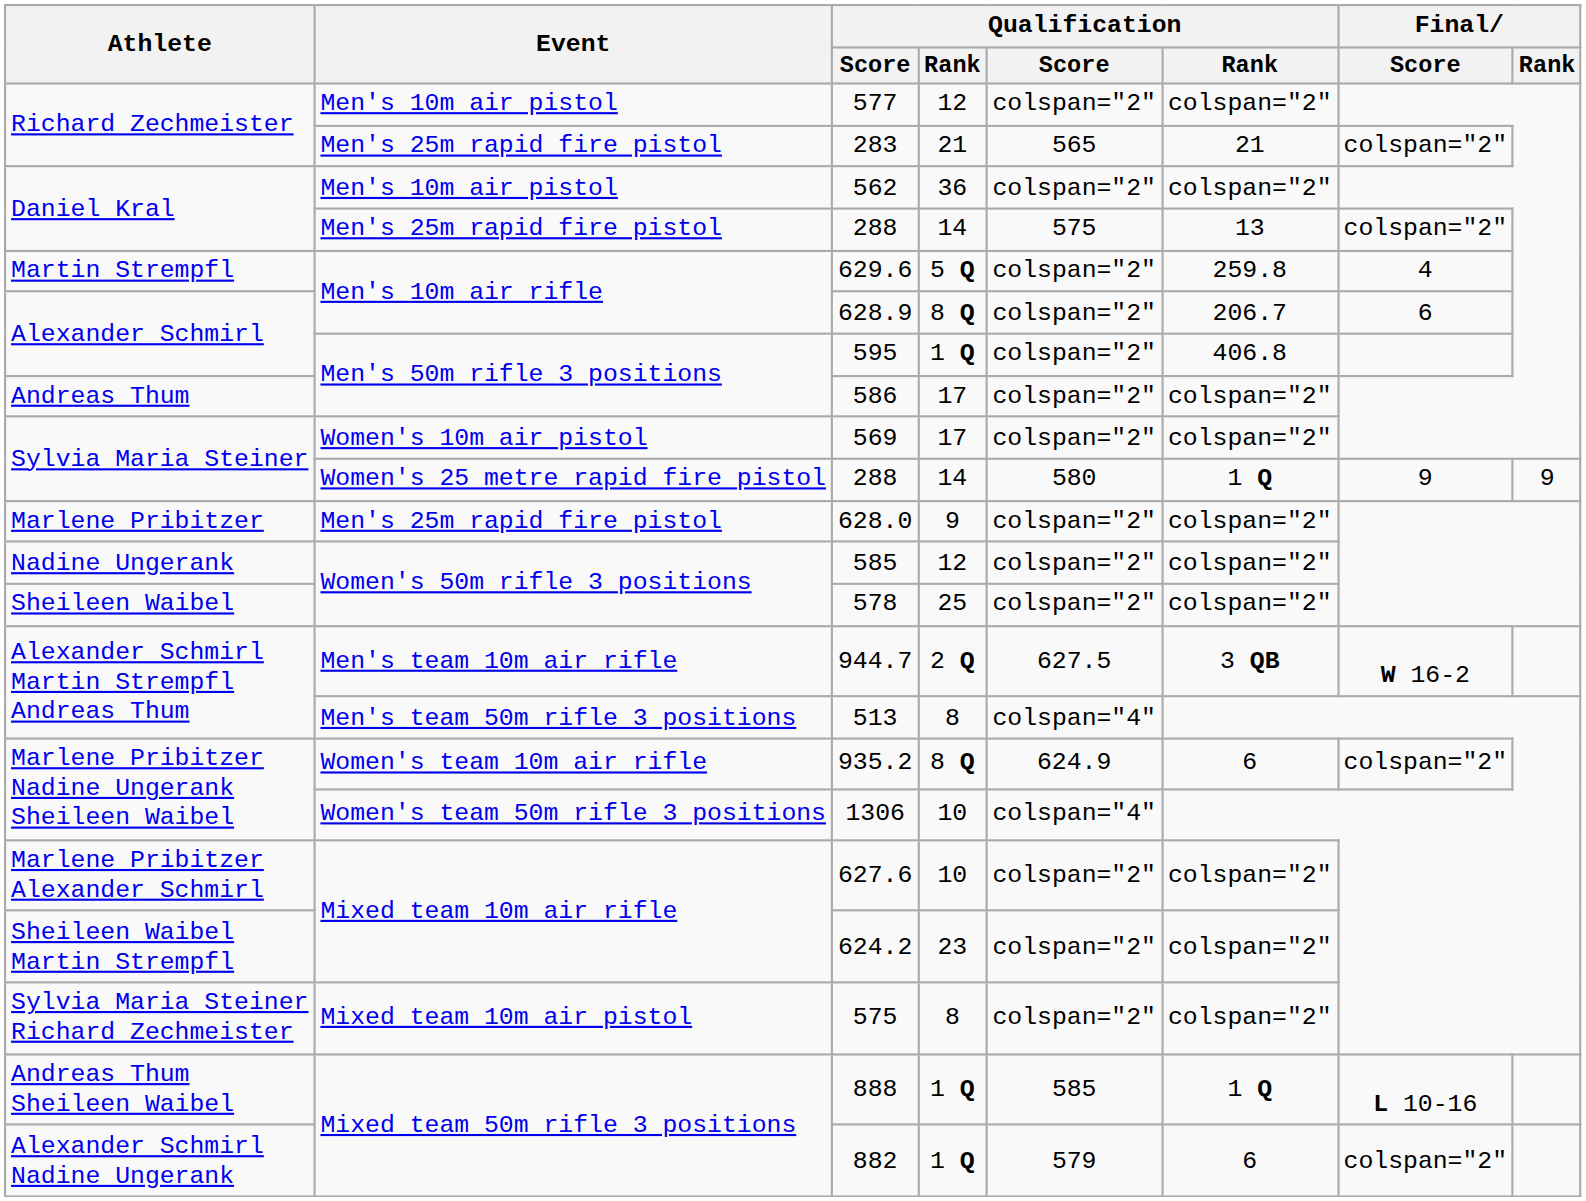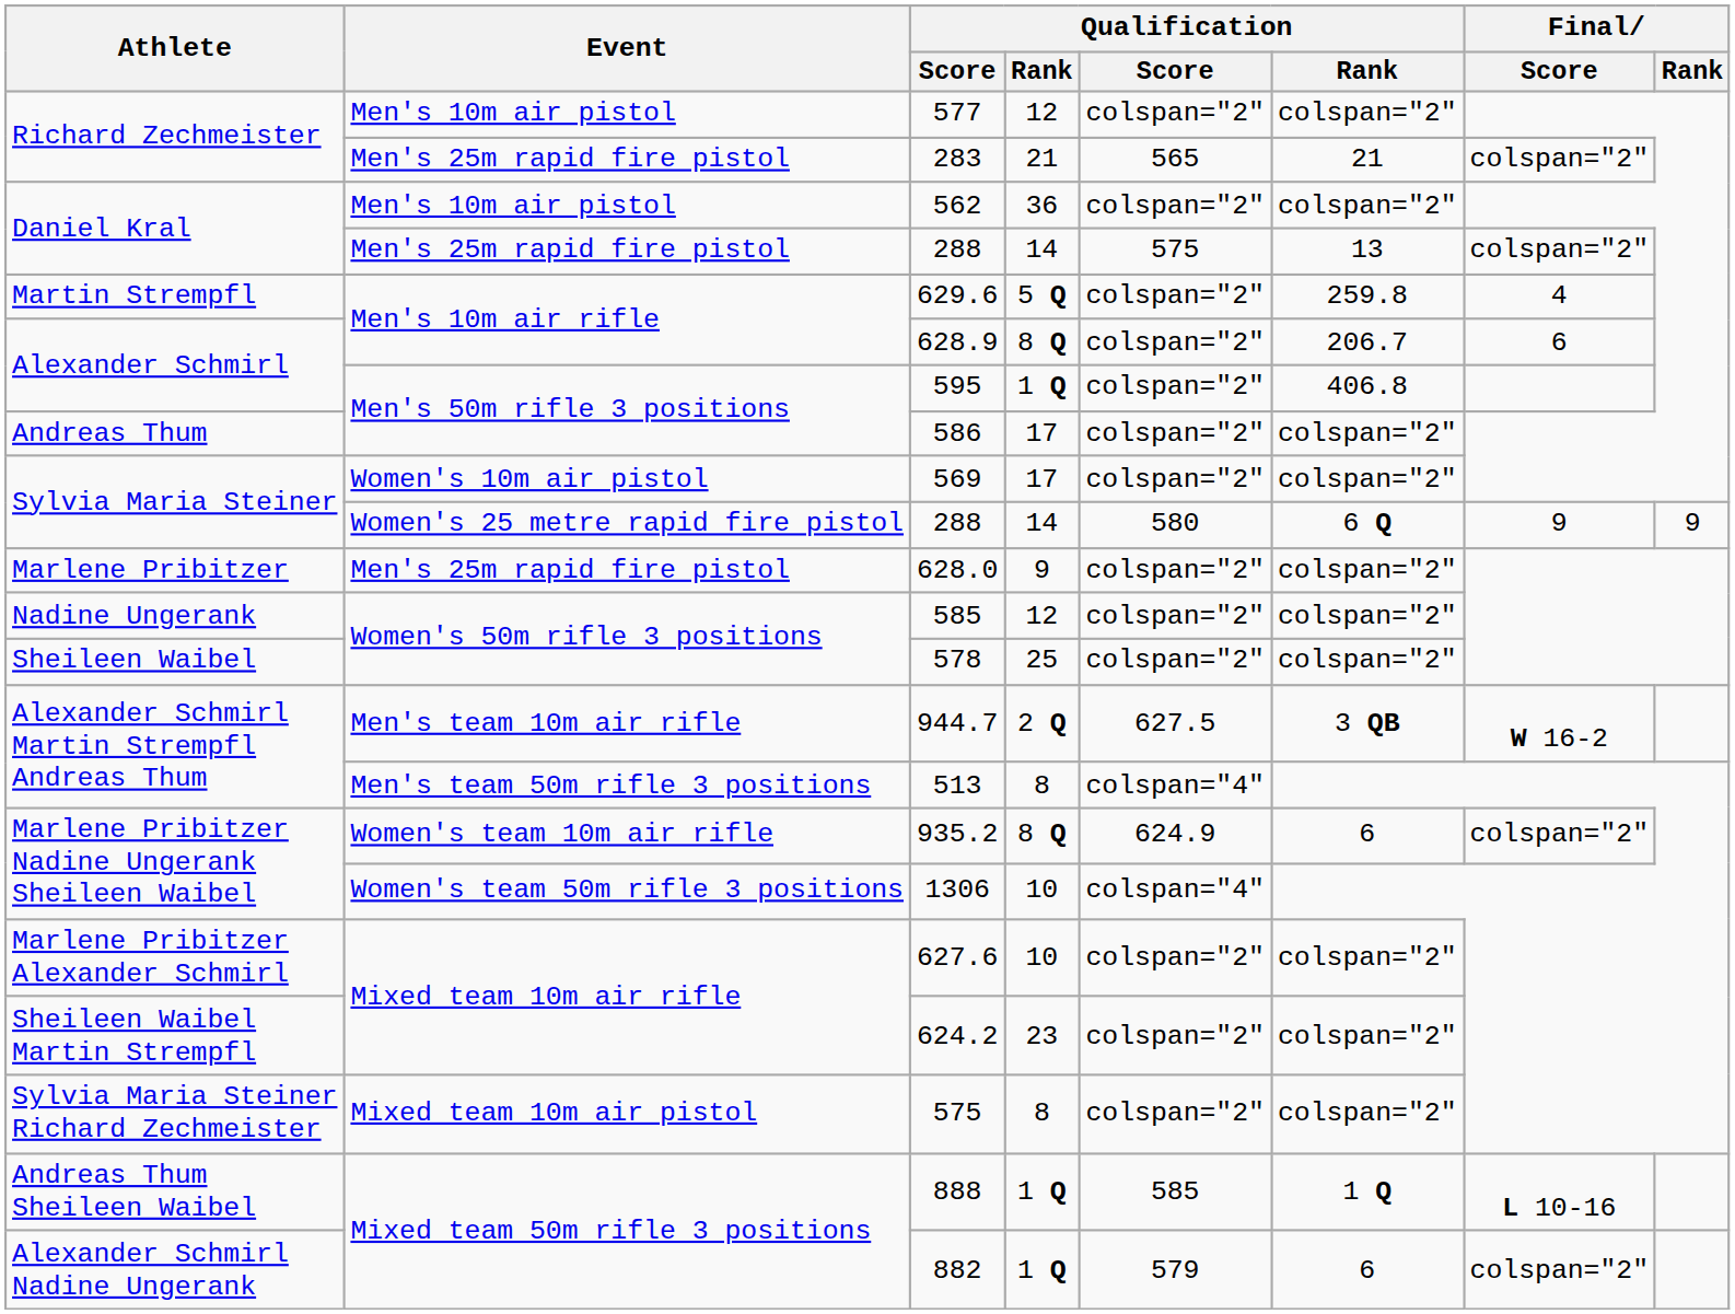 <table class="wikitable" style="text-align:center; font-size:90%">
 <tr>
 <th rowspan="2">Athlete</th>
 <th rowspan="2">Event</th>
 <th colspan="4">Qualification</th>
 <th colspan="2">Final/</th>
 </tr>
 <tr style="font-size:95%">
 <th>Score</th>
 <th>Rank</th>
 <th>Score</th>
 <th>Rank</th>
 <th>Score</th>
 <th>Rank</th>
 </tr>
 <tr>
 <td align="left" rowspan="2"><a href='#'>Richard Zechmeister</a></td>
 <td align="left"><a href='#'>Men's 10m air pistol</a></td>
 <td>577</td>
 <td>12</td>
 <td>colspan="2" </td>
 <td>colspan="2" </td>
 </tr>
 <tr>
 <td align="left"><a href='#'>Men's 25m rapid fire pistol</a></td>
 <td>283</td>
 <td>21</td>
 <td>565</td>
 <td>21</td>
 <td>colspan="2" </td>
 </tr>
 <tr>
 <td align="left" rowspan="2"><a href='#'>Daniel Kral</a></td>
 <td align="left"><a href='#'>Men's 10m air pistol</a></td>
 <td>562</td>
 <td>36</td>
 <td>colspan="2" </td>
 <td>colspan="2" </td>
 </tr>
 <tr>
 <td align="left"><a href='#'>Men's 25m rapid fire pistol</a></td>
 <td>288</td>
 <td>14</td>
 <td>575</td>
 <td>13</td>
 <td>colspan="2" </td>
 </tr>
 <tr>
 <td align="left"><a href='#'>Martin Strempfl</a></td>
 <td align="left" rowspan="2"><a href='#'>Men's 10m air rifle</a></td>
 <td>629.6</td>
 <td>5 <strong>Q</strong></td>
 <td>colspan="2" </td>
 <td>259.8</td>
 <td>4</td>
 </tr>
 <tr>
 <td align="left" rowspan="2"><a href='#'>Alexander Schmirl</a></td>
 <td>628.9</td>
 <td>8 <strong>Q</strong></td>
 <td>colspan="2" </td>
 <td>206.7</td>
 <td>6</td>
 </tr>
 <tr>
 <td align="left" rowspan="2"><a href='#'>Men's 50m rifle 3 positions</a></td>
 <td>595</td>
 <td>1 <strong>Q</strong></td>
 <td>colspan="2" </td>
 <td>406.8</td>
 <td></td>
 </tr>
 <tr>
 <td align="left"><a href='#'>Andreas Thum</a></td>
 <td>586</td>
 <td>17</td>
 <td>colspan="2" </td>
 <td>colspan="2" </td>
 </tr>
 <tr>
 <td align="left" rowspan="2"><a href='#'>Sylvia Maria Steiner</a></td>
 <td align="left"><a href='#'>Women's 10m air pistol</a></td>
 <td>569</td>
 <td>17</td>
 <td>colspan="2" </td>
 <td>colspan="2" </td>
 </tr>
 <tr>
 <td align="left"><a href='#'>Women's 25 metre rapid fire pistol</a></td>
 <td>288</td>
 <td>14</td>
 <td>580</td>
-<td>1 <strong>Q</strong></td>
+<td>6 <strong>Q</strong></td>
 <td>9</td>
 <td>9</td>
 </tr>
 <tr>
 <td align="left"><a href='#'>Marlene Pribitzer</a></td>
 <td align="left"><a href='#'>Men's 25m rapid fire pistol</a></td>
 <td>628.0</td>
 <td>9</td>
 <td>colspan="2" </td>
 <td>colspan="2" </td>
 </tr>
 <tr>
 <td align="left"><a href='#'>Nadine Ungerank</a></td>
 <td align="left" rowspan="2"><a href='#'>Women's 50m rifle 3 positions</a></td>
 <td>585</td>
 <td>12</td>
 <td>colspan="2" </td>
 <td>colspan="2" </td>
 </tr>
 <tr>
 <td align="left"><a href='#'>Sheileen Waibel</a></td>
 <td>578</td>
 <td>25</td>
 <td>colspan="2" </td>
 <td>colspan="2" </td>
 </tr>
 <tr>
 <td align="left" rowspan="2"><a href='#'>Alexander Schmirl</a><br><a href='#'>Martin Strempfl</a><br><a href='#'>Andreas Thum</a></td>
 <td align="left"><a href='#'>Men's team 10m air rifle</a></td>
 <td>944.7</td>
 <td>2 <strong>Q</strong></td>
 <td>627.5</td>
 <td>3 <strong>QB</strong></td>
 <td><br><strong>W</strong> 16-2</td>
 <td></td>
 </tr>
 <tr>
 <td align="left"><a href='#'>Men's team 50m rifle 3 positions</a></td>
 <td>513</td>
 <td>8</td>
 <td>colspan="4" </td>
 </tr>
 <tr>
 <td align="left" rowspan="2"><a href='#'>Marlene Pribitzer</a><br><a href='#'>Nadine Ungerank</a><br><a href='#'>Sheileen Waibel</a></td>
 <td align="left"><a href='#'>Women's team 10m air rifle</a></td>
 <td>935.2</td>
 <td>8 <strong>Q</strong></td>
 <td>624.9</td>
 <td>6</td>
 <td>colspan="2" </td>
 </tr>
 <tr>
 <td align="left"><a href='#'>Women's team 50m rifle 3 positions</a></td>
 <td>1306</td>
 <td>10</td>
 <td>colspan="4" </td>
 </tr>
 <tr>
 <td align="left"><a href='#'>Marlene Pribitzer</a><br><a href='#'>Alexander Schmirl</a></td>
 <td align="left" rowspan="2"><a href='#'>Mixed team 10m air rifle</a></td>
 <td>627.6</td>
 <td>10</td>
 <td>colspan="2" </td>
 <td>colspan="2" </td>
 </tr>
 <tr>
 <td align="left"><a href='#'>Sheileen Waibel</a><br><a href='#'>Martin Strempfl</a></td>
 <td>624.2</td>
 <td>23</td>
 <td>colspan="2" </td>
 <td>colspan="2" </td>
 </tr>
 <tr>
 <td align="left"><a href='#'>Sylvia Maria Steiner</a><br><a href='#'>Richard Zechmeister</a></td>
 <td align="left"><a href='#'>Mixed team 10m air pistol</a></td>
 <td>575</td>
 <td>8</td>
 <td>colspan="2" </td>
 <td>colspan="2" </td>
 </tr>
 <tr>
 <td align="left"><a href='#'>Andreas Thum</a><br><a href='#'>Sheileen Waibel</a></td>
 <td align="left" rowspan="2"><a href='#'>Mixed team 50m rifle 3 positions</a></td>
 <td>888</td>
 <td>1 <strong>Q</strong></td>
 <td>585</td>
 <td>1 <strong>Q</strong></td>
 <td><br><strong>L</strong> 10-16</td>
 <td></td>
 </tr>
 <tr>
 <td align="left"><a href='#'>Alexander Schmirl</a><br><a href='#'>Nadine Ungerank</a></td>
 <td>882</td>
 <td>1 <strong>Q</strong></td>
 <td>579</td>
 <td>6</td>
 <td>colspan="2" </td>
 </tr>
 </table>
